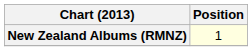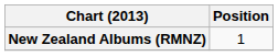 <table class="wikitable sortable plainrowheaders">
 <tr>
 <th>Chart (2013)</th>
 <th>Position</th>
 </tr>
 <tr>
 <th scope="row">New Zealand Albums (RMNZ)</th>
-<td style="background: lightyellow; text-align:center;">1</td>
+<td style="text-align:center;">1</td>
 </tr>
 <tr>
 </tr>
 </table>
